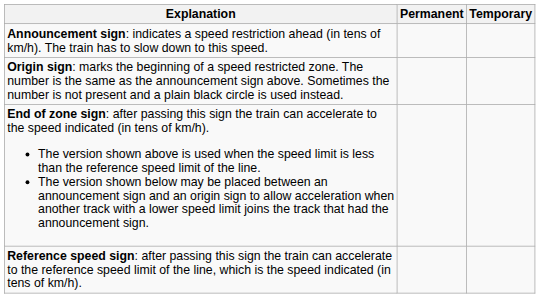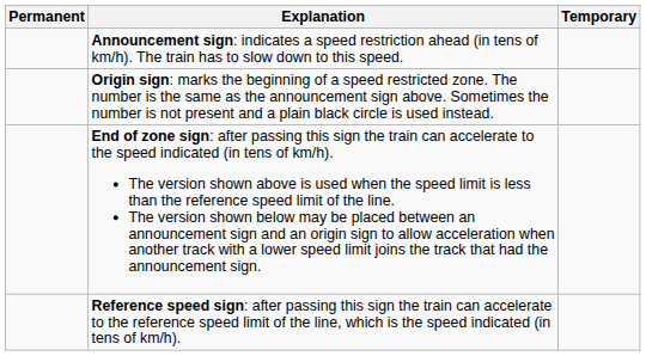 <table class = "wikitable left" width = "690">
 <tr>
+<th>Permanent</th>
 <th>Explanation</th>
-<th>Permanent</th>
 <th>Temporary</th>
 </tr>
 <tr ->
+<td style = "text-align: center"></td>
 <td><strong>Announcement sign</strong>: indicates a speed restriction ahead (in tens of km/h). The train has to slow down to this speed.</td>
-<td style = "text-align: center"></td>
 <td style = "text-align: center"></td>
 </tr>
 <tr ->
+<td style = "text-align: center"></td>
 <td><strong>Origin sign</strong>: marks the beginning of a speed restricted zone. The number is the same as the announcement sign above. Sometimes the number is not present and a plain black circle is used instead.</td>
-<td style = "text-align: center"></td>
 <td style = "text-align: center"></td>
 </tr>
 <tr ->
+<td style = "text-align: center"><br><div>  </div></td>
 <td><strong>End of zone sign</strong>: after passing this sign the train can accelerate to the speed indicated (in tens of km/h).<br><ul><li>The version shown above is used when the speed limit is less than the reference speed limit of the line.</li><li>The version shown below may be placed between an announcement sign and an origin sign to allow acceleration when another track with a lower speed limit joins the track that had the announcement sign.</li></ul></td>
-<td style = "text-align: center"><br><div>  </div></td>
 <td style = "text-align: center"><br><div>  </div></td>
 </tr>
 <tr ->
+<td style = "text-align: center"></td>
 <td><strong>Reference speed sign</strong>: after passing this sign the train can accelerate to the reference speed limit of the line, which is the speed indicated (in tens of km/h).</td>
-<td style = "text-align: center"></td>
 <td style = "text-align: center"></td>
 </tr>
 </table>
